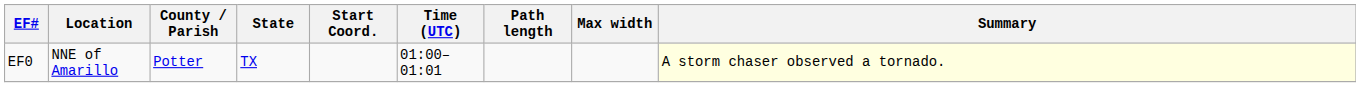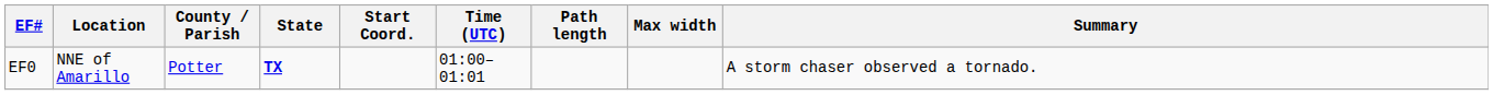 <table class="wikitable sortable" style="width:100%;">
 <tr>
 <th scope="col"  style="width:3%; text-align:center;"><a href='#'>EF#</a></th>
 <th scope="col"  style="width:7%; text-align:center;" class="unsortable">Location</th>
 <th scope="col"  style="width:6%; text-align:center;" class="unsortable">County / Parish</th>
 <th scope="col"  style="width:5%; text-align:center;">State</th>
 <th scope="col"  style="width:6%; text-align:center;">Start Coord.</th>
 <th scope="col"  style="width:6%; text-align:center;">Time (<a href='#'>UTC</a>)</th>
 <th scope="col"  style="width:6%; text-align:center;">Path length</th>
 <th scope="col"  style="width:6%; text-align:center;">Max width</th>
 <th scope="col" class="unsortable" style="width:48%; text-align:center;">Summary</th>
 </tr>
 <tr>
 <td>EF0</td>
 <td>NNE of <a href='#'>Amarillo</a></td>
 <td><a href='#'>Potter</a></td>
-<td><a href='#'>TX</a></td>
+<td><strong><a href='#'>TX</a></strong></td>
 <td></td>
 <td>01:00–01:01</td>
 <td></td>
 <td></td>
-<td style="background: lightyellow;">A storm chaser observed a tornado.</td>
+<td>A storm chaser observed a tornado.</td>
 </tr>
 <tr>
 </tr>
 </table>
